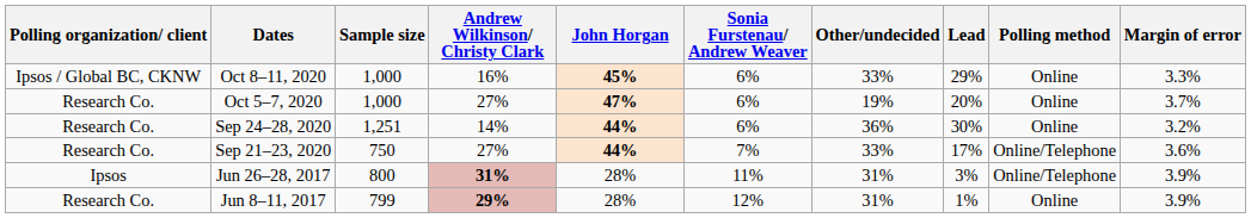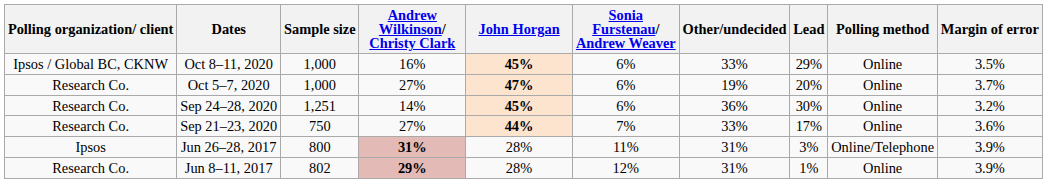 <table class="wikitable sortable mw-datatable" style="text-align: center; font-size: 90%; line-height: 14px">
 <tr>
 <th>Polling organization/ client</th>
 <th>Dates</th>
 <th>Sample size</th>
 <th style="width:100px;"><a href='#'>Andrew Wilkinson</a>/ <a href='#'>Christy Clark</a></th>
 <th style="width:100px;"><a href='#'>John Horgan</a></th>
 <th style="width:100px;"><a href='#'>Sonia Furstenau</a>/ <a href='#'>Andrew Weaver</a></th>
 <th>Other/undecided</th>
 <th>Lead</th>
 <th>Polling method</th>
 <th>Margin of error</th>
 </tr>
 <tr>
 <td>Ipsos / Global BC, CKNW</td>
 <td>Oct 8–11, 2020</td>
 <td>1,000</td>
 <td>16%</td>
 <td style="background:#fce4cf"><strong>45%</strong></td>
 <td>6%</td>
 <td>33%</td>
 <td style="background:">29%</td>
 <td>Online</td>
-<td>3.3%</td>
+<td>3.5%</td>
 </tr>
 <tr>
 <td>Research Co.</td>
 <td>Oct 5–7, 2020</td>
 <td>1,000</td>
 <td>27%</td>
 <td style="background:#fce4cf"><strong>47%</strong></td>
 <td>6%</td>
 <td>19%</td>
 <td style="background:">20%</td>
 <td>Online</td>
 <td>3.7%</td>
 </tr>
 <tr>
 <td>Research Co.</td>
 <td>Sep 24–28, 2020</td>
 <td>1,251</td>
 <td>14%</td>
-<td style="background:#fce4cf"><strong>44%</strong></td>
+<td style="background:#fce4cf"><strong>45%</strong></td>
 <td>6%</td>
 <td>36%</td>
 <td style="background:">30%</td>
 <td>Online</td>
 <td>3.2%</td>
 </tr>
 <tr>
 <td>Research Co.</td>
 <td>Sep 21–23, 2020</td>
 <td>750</td>
 <td>27%</td>
 <td style="background:#fce4cf"><strong>44%</strong></td>
 <td>7%</td>
 <td>33%</td>
 <td style="background:">17%</td>
-<td>Online/Telephone</td>
+<td>Online</td>
 <td>3.6%</td>
 </tr>
 <tr>
 <td>Ipsos</td>
 <td>Jun 26–28, 2017</td>
 <td>800</td>
 <td style="background:#e4bab7"><strong>31%</strong></td>
 <td>28%</td>
 <td>11%</td>
 <td>31%</td>
 <td style="background:">3%</td>
 <td>Online/Telephone</td>
 <td>3.9%</td>
 </tr>
 <tr>
 <td>Research Co.</td>
 <td>Jun 8–11, 2017</td>
-<td>799</td>
+<td>802</td>
 <td style="background:#e4bab7"><strong>29%</strong></td>
 <td>28%</td>
 <td>12%</td>
 <td>31%</td>
 <td style="background:">1%</td>
 <td>Online</td>
 <td>3.9%</td>
 </tr>
 </table>
